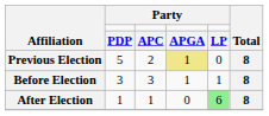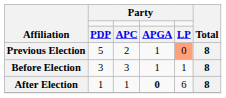 <table class=wikitable style="text-align:center">
 <tr style="vertical-align:bottom;">
 <th rowspan=3>Affiliation</th>
 <th colspan=4>Party</th>
 <th rowspan=3>Total</th>
 </tr>
 <tr>
 <td style="background-color:"></td>
 <td style="background-color:"></td>
 <td style="background-color:"></td>
 <td style="background-color:"></td>
 </tr>
 <tr>
 <th><a href='#'>PDP</a></th>
 <th><a href='#'>APC</a></th>
 <th><a href='#'>APGA</a></th>
 <th><a href='#'>LP</a></th>
 </tr>
 <tr>
 <th>Previous Election</th>
 <td>5</td>
 <td>2</td>
-<td style="background: khaki;">1</td>
-<td>0</td>
+<td>1</td>
+<td style="background: lightsalmon;">0</td>
 <th>8</th>
 </tr>
 <tr>
 <th>Before Election</th>
 <td>3</td>
 <td>3</td>
 <td>1</td>
 <td>1</td>
 <th>8</th>
 </tr>
 <tr>
 <th>After Election</th>
 <td>1</td>
 <td>1</td>
-<td>0</td>
-<td style="background: lightgreen;">6</td>
+<td><strong>0</strong></td>
+<td>6</td>
 <th>8</th>
 </tr>
 <tr>
 </tr>
 </table>
